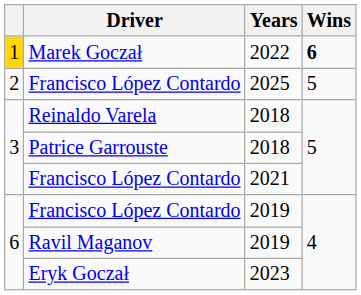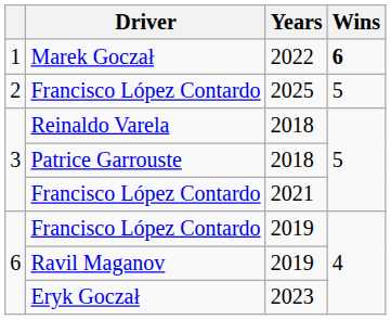 <table class="wikitable">
 <tr>
 <th></th>
 <th>Driver</th>
 <th>Years</th>
 <th>Wins</th>
 </tr>
 <tr>
-<td style="background: gold;">1</td>
+<td>1</td>
 <td> <a href='#'>Marek Goczał</a></td>
 <td>2022</td>
 <td><strong>6</strong></td>
 </tr>
 <tr>
 <td>2</td>
 <td> <a href='#'>Francisco López Contardo</a></td>
 <td>2025</td>
 <td>5</td>
 </tr>
 <tr>
 <td rowspan=3>3</td>
 <td> <a href='#'>Reinaldo Varela</a></td>
 <td>2018</td>
 <td rowspan=3>5</td>
 </tr>
 <tr>
 <td> <a href='#'>Patrice Garrouste</a></td>
 <td>2018</td>
 </tr>
 <tr>
 <td> <a href='#'>Francisco López Contardo</a></td>
 <td>2021</td>
 </tr>
 <tr>
 <td rowspan=3>6</td>
 <td> <a href='#'>Francisco López Contardo</a></td>
 <td>2019</td>
 <td rowspan=3>4</td>
 </tr>
 <tr>
 <td> <a href='#'>Ravil Maganov</a></td>
 <td>2019</td>
 </tr>
 <tr>
 <td> <a href='#'>Eryk Goczał</a></td>
 <td>2023</td>
 </tr>
 </table>
